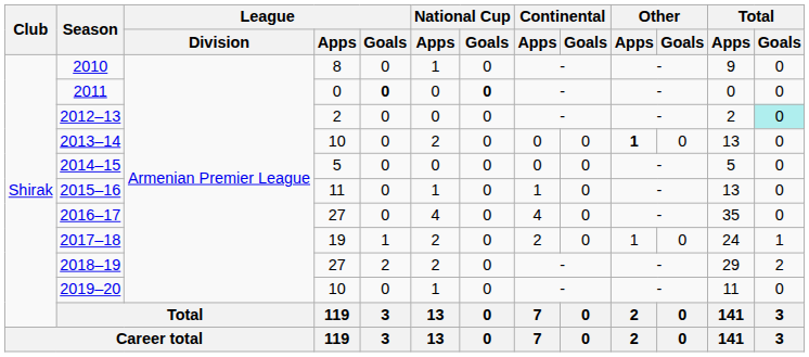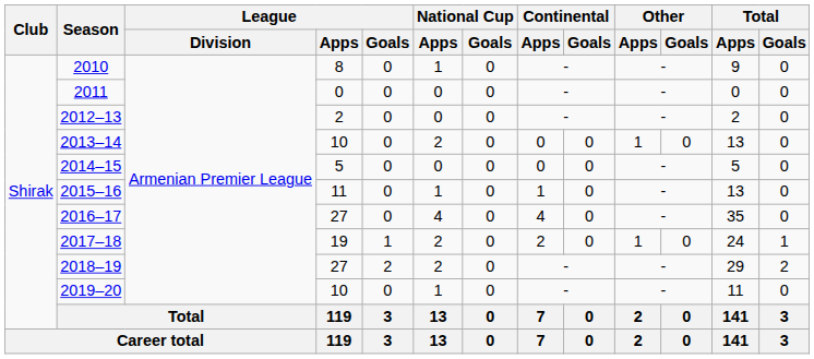 <table class="wikitable" style="text-align: center">
 <tr>
 <th rowspan="2">Club</th>
 <th rowspan="2">Season</th>
 <th colspan="3">League</th>
 <th colspan="2">National Cup</th>
 <th colspan="2">Continental</th>
 <th colspan="2">Other</th>
 <th colspan="2">Total</th>
 </tr>
 <tr>
 <th>Division</th>
 <th>Apps</th>
 <th>Goals</th>
 <th>Apps</th>
 <th>Goals</th>
 <th>Apps</th>
 <th>Goals</th>
 <th>Apps</th>
 <th>Goals</th>
 <th>Apps</th>
 <th>Goals</th>
 </tr>
 <tr>
 <td rowspan="11"><a href='#'>Shirak</a></td>
 <td><a href='#'>2010</a></td>
 <td rowspan="10"><a href='#'>Armenian Premier League</a></td>
 <td>8</td>
 <td>0</td>
 <td>1</td>
 <td>0</td>
 <td colspan="2">-</td>
 <td colspan="2">-</td>
 <td>9</td>
 <td>0</td>
 </tr>
 <tr>
 <td><a href='#'>2011</a></td>
 <td>0</td>
-<td><strong>0</strong></td>
 <td>0</td>
-<td><strong>0</strong></td>
+<td>0</td>
+<td>0</td>
 <td colspan="2">-</td>
 <td colspan="2">-</td>
 <td>0</td>
 <td>0</td>
 </tr>
 <tr>
 <td><a href='#'>2012–13</a></td>
 <td>2</td>
 <td>0</td>
 <td>0</td>
 <td>0</td>
 <td colspan="2">-</td>
 <td colspan="2">-</td>
 <td>2</td>
-<td style="background: paleturquoise;">0</td>
+<td>0</td>
 </tr>
 <tr>
 <td><a href='#'>2013–14</a></td>
 <td>10</td>
 <td>0</td>
 <td>2</td>
 <td>0</td>
 <td>0</td>
 <td>0</td>
-<td><strong>1</strong></td>
+<td>1</td>
 <td>0</td>
 <td>13</td>
 <td>0</td>
 </tr>
 <tr>
 <td><a href='#'>2014–15</a></td>
 <td>5</td>
 <td>0</td>
 <td>0</td>
 <td>0</td>
 <td>0</td>
 <td>0</td>
 <td colspan="2">-</td>
 <td>5</td>
 <td>0</td>
 </tr>
 <tr>
 <td><a href='#'>2015–16</a></td>
 <td>11</td>
 <td>0</td>
 <td>1</td>
 <td>0</td>
 <td>1</td>
 <td>0</td>
 <td colspan="2">-</td>
 <td>13</td>
 <td>0</td>
 </tr>
 <tr>
 <td><a href='#'>2016–17</a></td>
 <td>27</td>
 <td>0</td>
 <td>4</td>
 <td>0</td>
 <td>4</td>
 <td>0</td>
 <td colspan="2">-</td>
 <td>35</td>
 <td>0</td>
 </tr>
 <tr>
 <td><a href='#'>2017–18</a></td>
 <td>19</td>
 <td>1</td>
 <td>2</td>
 <td>0</td>
 <td>2</td>
 <td>0</td>
 <td>1</td>
 <td>0</td>
 <td>24</td>
 <td>1</td>
 </tr>
 <tr>
 <td><a href='#'>2018–19</a></td>
 <td>27</td>
 <td>2</td>
 <td>2</td>
 <td>0</td>
 <td colspan="2">-</td>
 <td colspan="2">-</td>
 <td>29</td>
 <td>2</td>
 </tr>
 <tr>
 <td><a href='#'>2019–20</a></td>
 <td>10</td>
 <td>0</td>
 <td>1</td>
 <td>0</td>
 <td colspan="2">-</td>
 <td colspan="2">-</td>
 <td>11</td>
 <td>0</td>
 </tr>
 <tr>
 <th colspan="2">Total</th>
 <th>119</th>
 <th>3</th>
 <th>13</th>
 <th>0</th>
 <th>7</th>
 <th>0</th>
 <th>2</th>
 <th>0</th>
 <th>141</th>
 <th>3</th>
 </tr>
 <tr>
 <th colspan="3">Career total</th>
 <th>119</th>
 <th>3</th>
 <th>13</th>
 <th>0</th>
 <th>7</th>
 <th>0</th>
 <th>2</th>
 <th>0</th>
 <th>141</th>
 <th>3</th>
 </tr>
 </table>
